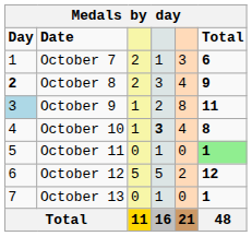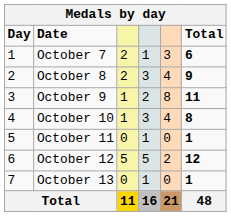 <table class=wikitable style="font-size:95%;">
 <tr>
 <th colspan=7>Medals by day</th>
 </tr>
 <tr>
 <td><strong>Day</strong></td>
 <td><strong>Date</strong></td>
 <td bgcolor=F7F6A8></td>
 <td bgcolor=DCE5E5></td>
 <td bgcolor=FFDAB9></td>
 <td><strong>Total</strong></td>
 </tr>
 <tr>
 <td>1</td>
 <td>October 7</td>
 <td bgcolor=F7F6A8>2</td>
 <td bgcolor=DCE5E5>1</td>
 <td bgcolor=FFDAB9>3</td>
 <td><strong>6</strong></td>
 </tr>
 <tr>
-<td><strong>2</strong></td>
+<td>2</td>
 <td>October 8</td>
 <td bgcolor=F7F6A8>2</td>
 <td bgcolor=DCE5E5>3</td>
 <td bgcolor=FFDAB9>4</td>
 <td><strong>9</strong></td>
 </tr>
 <tr>
-<td style="background: lightblue;">3</td>
+<td>3</td>
 <td>October 9</td>
 <td bgcolor=F7F6A8>1</td>
 <td bgcolor=DCE5E5>2</td>
 <td bgcolor=FFDAB9>8</td>
 <td><strong>11</strong></td>
 </tr>
 <tr>
 <td>4</td>
 <td>October 10</td>
 <td bgcolor=F7F6A8>1</td>
-<td bgcolor=DCE5E5><strong>3</strong></td>
+<td bgcolor=DCE5E5>3</td>
 <td bgcolor=FFDAB9>4</td>
 <td><strong>8</strong></td>
 </tr>
 <tr>
 <td>5</td>
 <td>October 11</td>
 <td bgcolor=F7F6A8>0</td>
 <td bgcolor=DCE5E5>1</td>
 <td bgcolor=FFDAB9>0</td>
-<td style="background: lightgreen;"><strong>1</strong></td>
+<td><strong>1</strong></td>
 </tr>
 <tr>
 <td>6</td>
 <td>October 12</td>
 <td bgcolor=F7F6A8>5</td>
 <td bgcolor=DCE5E5>5</td>
 <td bgcolor=FFDAB9>2</td>
 <td><strong>12</strong></td>
 </tr>
 <tr>
 <td>7</td>
 <td>October 13</td>
 <td bgcolor=F7F6A8>0</td>
 <td bgcolor=DCE5E5>1</td>
 <td bgcolor=FFDAB9>0</td>
 <td><strong>1</strong></td>
 </tr>
 <tr>
 <th colspan=2>Total</th>
 <th style="background:gold;">11</th>
 <th style="background:silver;">16</th>
 <th style="background:#c96;">21</th>
 <th>48</th>
 </tr>
 </table>
